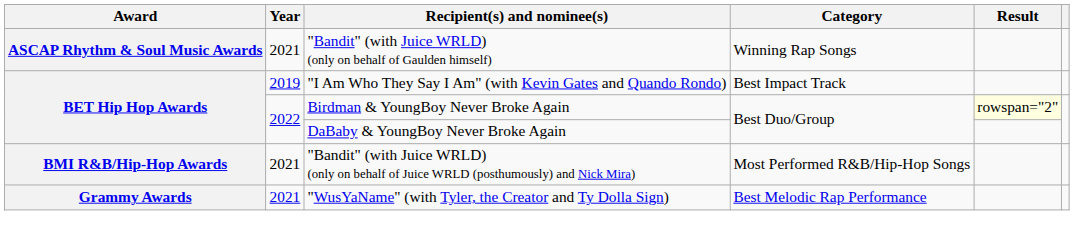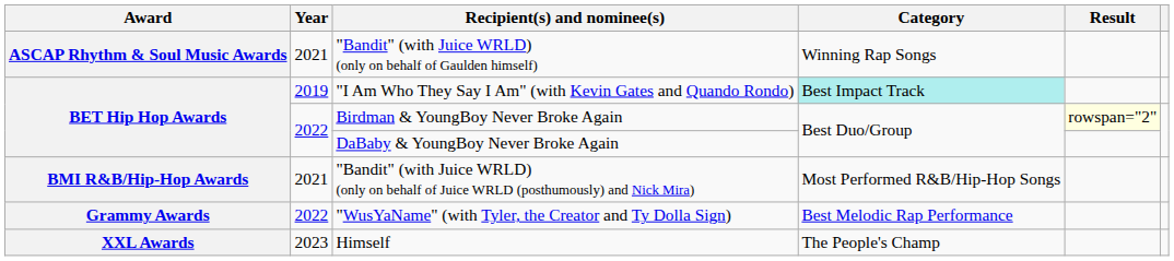 <table class="wikitable sortable plainrowheaders">
 <tr>
 <th scope="col">Award</th>
 <th scope="col">Year</th>
 <th scope="col">Recipient(s) and nominee(s)</th>
 <th scope="col">Category</th>
 <th scope="col">Result</th>
 <th scope="col" class="unsortable"></th>
 </tr>
 <tr>
 <th scope="row"><a href='#'>ASCAP Rhythm & Soul Music Awards</a></th>
 <td>2021</td>
 <td>"<a href='#'>Bandit</a>" (with <a href='#'>Juice WRLD</a>)<br><small>(only on behalf of Gaulden himself)</small></td>
 <td>Winning Rap Songs</td>
 <td></td>
 <td></td>
 </tr>
 <tr>
 <th scope="row" rowspan="3"><a href='#'>BET Hip Hop Awards</a></th>
 <td><a href='#'>2019</a></td>
 <td>"I Am Who They Say I Am" (with <a href='#'>Kevin Gates</a> and <a href='#'>Quando Rondo</a>)</td>
-<td>Best Impact Track</td>
+<td style="background: paleturquoise;">Best Impact Track</td>
 <td></td>
 <td></td>
 </tr>
 <tr>
 <td rowspan="2"><a href='#'>2022</a></td>
 <td><a href='#'>Birdman</a> & YoungBoy Never Broke Again</td>
 <td rowspan="2">Best Duo/Group</td>
 <td style="background: lightyellow;">rowspan="2" </td>
 <td rowspan="2"></td>
 </tr>
 <tr>
 <td><a href='#'>DaBaby</a> & YoungBoy Never Broke Again</td>
 </tr>
 <tr>
 <th scope="row"><a href='#'>BMI R&B/Hip-Hop Awards</a></th>
 <td>2021</td>
 <td>"Bandit" (with Juice WRLD)<br><small>(only on behalf of Juice WRLD (posthumously) and <a href='#'>Nick Mira</a>)</small></td>
 <td>Most Performed R&B/Hip-Hop Songs</td>
 <td></td>
 <td></td>
 </tr>
 <tr>
 <th scope="row"><a href='#'>Grammy Awards</a></th>
-<td><a href='#'>2021</a></td>
+<td><a href='#'>2022</a></td>
 <td>"<a href='#'>WusYaName</a>" (with <a href='#'>Tyler, the Creator</a> and <a href='#'>Ty Dolla Sign</a>)</td>
 <td><a href='#'>Best Melodic Rap Performance</a></td>
 <td></td>
 <td></td>
 </tr>
+<tr>
+<th scope="row"><a href='#'>XXL Awards</a></th>
+<td>2023</td>
+<td>Himself</td>
+<td>The People's Champ</td>
+<td></td>
+<td></td>
+</tr>
 </table>
